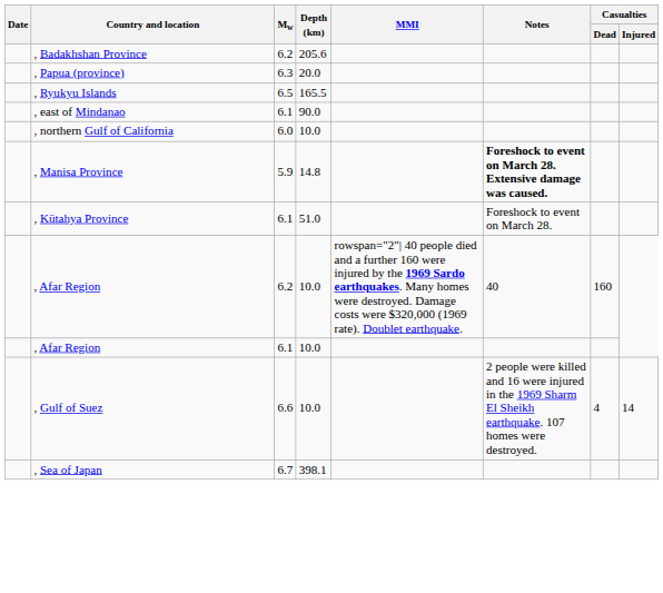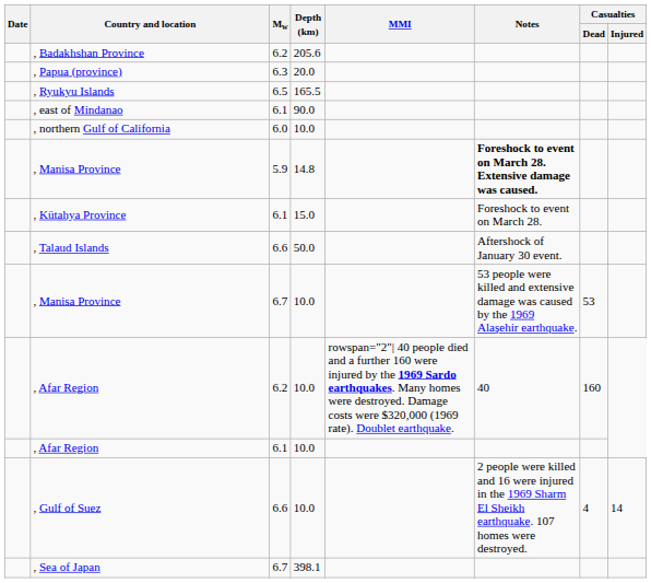 <table class="wikitable sortable sort-under" style="border:1px black; margin-left:1em;">
 <tr>
 <th rowspan="2"><small>Date</small></th>
 <th rowspan="2" style="width: 310px"><small>Country and location</small></th>
 <th rowspan="2"><small>M<sub>w</sub></small></th>
 <th rowspan="2"><small>Depth (km)</small></th>
 <th rowspan="2"><small><a href='#'>MMI</a></small></th>
 <th rowspan="2" class="unsortable"><small>Notes</small></th>
 <th colspan="2"><small>Casualties</small></th>
 </tr>
 <tr>
 <th><small>Dead</small></th>
 <th><small>Injured</small></th>
 </tr>
 <tr>
 <td></td>
 <td>, <a href='#'>Badakhshan Province</a></td>
 <td>6.2</td>
 <td>205.6</td>
 <td></td>
 <td></td>
 <td></td>
 <td></td>
 </tr>
 <tr>
 <td></td>
 <td>, <a href='#'>Papua (province)</a></td>
 <td>6.3</td>
 <td>20.0</td>
 <td></td>
 <td></td>
 <td></td>
 <td></td>
 </tr>
 <tr>
 <td></td>
 <td>, <a href='#'>Ryukyu Islands</a></td>
 <td>6.5</td>
 <td>165.5</td>
 <td></td>
 <td></td>
 <td></td>
 <td></td>
 </tr>
 <tr>
 <td></td>
 <td>, east of <a href='#'>Mindanao</a></td>
 <td>6.1</td>
 <td>90.0</td>
 <td></td>
 <td></td>
 <td></td>
 <td></td>
 </tr>
 <tr>
 <td></td>
 <td>, northern <a href='#'>Gulf of California</a></td>
 <td>6.0</td>
 <td>10.0</td>
 <td></td>
 <td></td>
 <td></td>
 <td></td>
 </tr>
 <tr>
 <td></td>
 <td>, <a href='#'>Manisa Province</a></td>
 <td>5.9</td>
 <td>14.8</td>
 <td></td>
 <td><strong>Foreshock to event on March 28. Extensive damage was caused.</strong></td>
 <td></td>
 <td></td>
 </tr>
 <tr>
 <td></td>
 <td>, <a href='#'>Kütahya Province</a></td>
 <td>6.1</td>
-<td>51.0</td>
+<td>15.0</td>
 <td></td>
 <td>Foreshock to event on March 28.</td>
 <td></td>
+<td></td>
+</tr>
+<tr>
+<td></td>
+<td>, <a href='#'>Talaud Islands</a></td>
+<td>6.6</td>
+<td>50.0</td>
+<td></td>
+<td>Aftershock of January 30 event.</td>
+<td></td>
+<td></td>
+</tr>
+<tr>
+<td></td>
+<td>, <a href='#'>Manisa Province</a></td>
+<td>6.7</td>
+<td>10.0</td>
+<td></td>
+<td>53 people were killed and extensive damage was caused by the <a href='#'>1969 Alaşehir earthquake</a>.</td>
+<td>53</td>
 <td></td>
 </tr>
 <tr>
 <td></td>
 <td>, <a href='#'>Afar Region</a></td>
 <td>6.2</td>
 <td>10.0</td>
 <td>rowspan="2"| 40 people died and a further 160 were injured by the <strong><a href='#'>1969 Sardo earthquakes</a></strong>. Many homes were destroyed. Damage costs were $320,000 (1969 rate). <a href='#'>Doublet earthquake</a>.</td>
 <td>40</td>
 <td>160</td>
 </tr>
 <tr>
 <td></td>
 <td>, <a href='#'>Afar Region</a></td>
 <td>6.1</td>
 <td>10.0</td>
 <td></td>
 <td></td>
 <td></td>
 </tr>
 <tr>
 <td></td>
 <td>, <a href='#'>Gulf of Suez</a></td>
 <td>6.6</td>
 <td>10.0</td>
 <td></td>
 <td>2 people were killed and 16 were injured in the <a href='#'>1969 Sharm El Sheikh earthquake</a>. 107 homes were destroyed.</td>
 <td>4</td>
 <td>14</td>
 </tr>
 <tr>
 <td></td>
 <td>, <a href='#'>Sea of Japan</a></td>
 <td>6.7</td>
 <td>398.1</td>
 <td></td>
 <td></td>
 <td></td>
 <td></td>
 </tr>
 </table>
